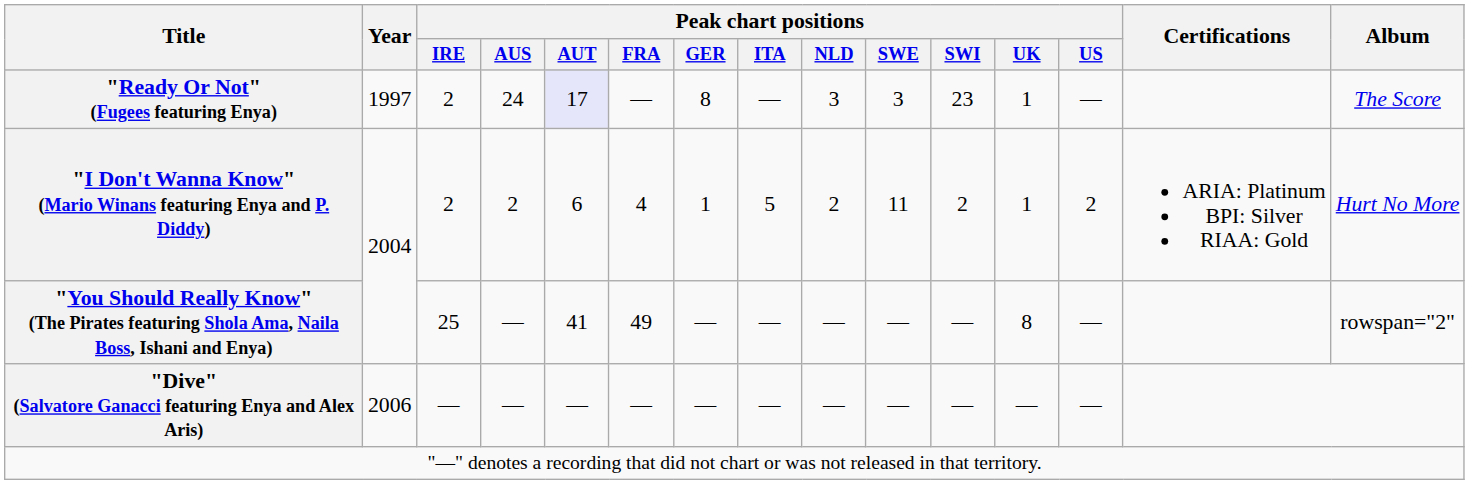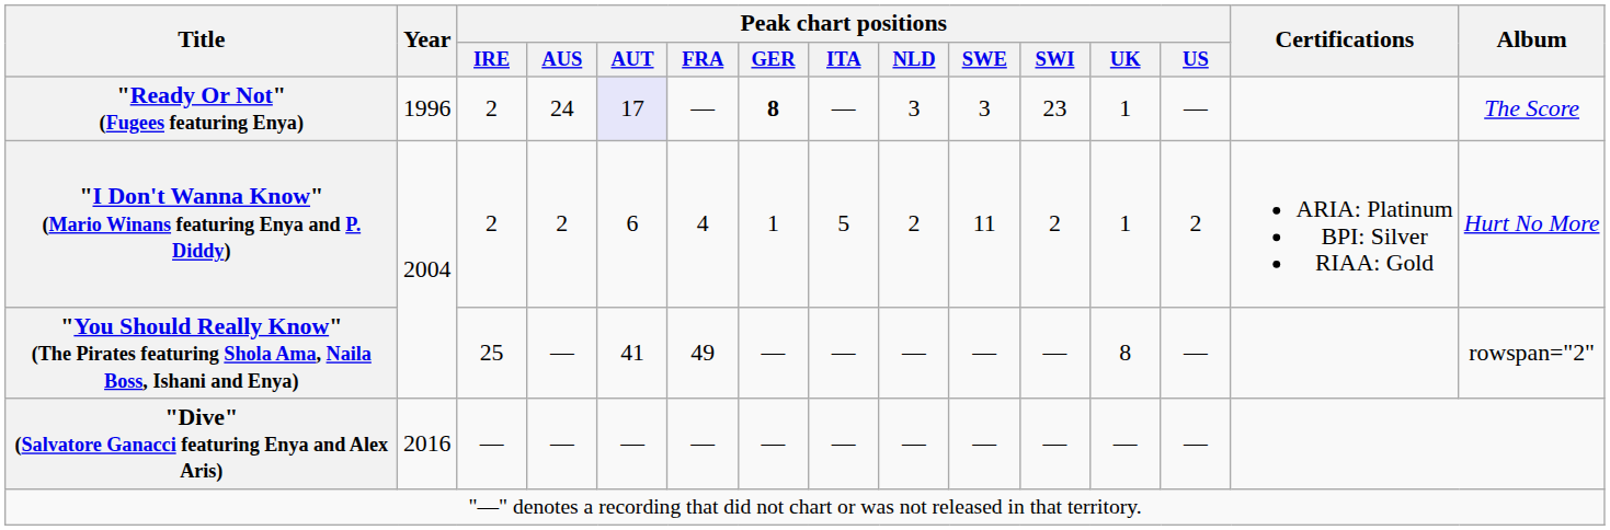 <table class="wikitable plainrowheaders" style="text-align:center;">
 <tr>
 <th scope="col" rowspan="2" style="width:16em;">Title</th>
 <th scope="col" rowspan="2">Year</th>
 <th scope="col" colspan="11">Peak chart positions</th>
 <th scope="col" rowspan="2">Certifications</th>
 <th scope="col" rowspan="2">Album</th>
 </tr>
 <tr>
 <th style="width:3em;font-size:85%"><a href='#'>IRE</a><br></th>
 <th style="width:3em;font-size:85%"><a href='#'>AUS</a><br></th>
 <th style="width:3em;font-size:85%"><a href='#'>AUT</a><br></th>
 <th style="width:3em;font-size:85%"><a href='#'>FRA</a><br></th>
 <th style="width:3em;font-size:85%"><a href='#'>GER</a><br></th>
 <th style="width:3em;font-size:85%;"><a href='#'>ITA</a><br></th>
 <th style="width:3em;font-size:85%"><a href='#'>NLD</a><br></th>
 <th style="width:3em;font-size:85%"><a href='#'>SWE</a><br></th>
 <th style="width:3em;font-size:85%"><a href='#'>SWI</a><br></th>
 <th style="width:3em;font-size:85%"><a href='#'>UK</a><br></th>
 <th style="width:3em;font-size:85%"><a href='#'>US</a><br></th>
 </tr>
 <tr>
 <th scope="row" align="left">"<a href='#'>Ready Or Not</a>"<br><small>(<a href='#'>Fugees</a> featuring Enya)</small></th>
-<td rowspan="1">1997</td>
+<td rowspan="1">1996</td>
 <td>2</td>
 <td>24</td>
 <td style="background: lavender;">17</td>
 <td>—</td>
-<td>8</td>
+<td><strong>8</strong></td>
 <td>—</td>
 <td>3</td>
 <td>3</td>
 <td>23</td>
 <td>1</td>
 <td>—</td>
 <td></td>
 <td><em><a href='#'>The Score</a></em></td>
 </tr>
 <tr>
 <th scope="row" align="left">"<a href='#'>I Don't Wanna Know</a>"<br><small>(<a href='#'>Mario Winans</a> featuring Enya and <a href='#'>P. Diddy</a>)</small></th>
 <td rowspan="2">2004</td>
 <td>2</td>
 <td>2</td>
 <td>6</td>
 <td>4</td>
 <td>1</td>
 <td>5</td>
 <td>2</td>
 <td>11</td>
 <td>2</td>
 <td>1</td>
 <td>2</td>
 <td><br><ul><li>ARIA: Platinum</li><li>BPI: Silver</li><li>RIAA: Gold</li></ul></td>
 <td><em><a href='#'>Hurt No More</a></em></td>
 </tr>
 <tr>
 <th scope="row" align="left">"<a href='#'>You Should Really Know</a>"<br><small>(The Pirates featuring <a href='#'>Shola Ama</a>, <a href='#'>Naila Boss</a>, Ishani and Enya)</small></th>
 <td>25</td>
 <td>—</td>
 <td>41</td>
 <td>49</td>
 <td>—</td>
 <td>—</td>
 <td>—</td>
 <td>—</td>
 <td>—</td>
 <td>8</td>
 <td>—</td>
 <td></td>
 <td>rowspan="2" </td>
 </tr>
 <tr>
 <th scope="row" align="left">"Dive"<br><small>(<a href='#'>Salvatore Ganacci</a> featuring Enya and Alex Aris)</small></th>
-<td>2006</td>
+<td>2016</td>
 <td>—</td>
 <td>—</td>
 <td>—</td>
 <td>—</td>
 <td>—</td>
 <td>—</td>
 <td>—</td>
 <td>—</td>
 <td>—</td>
 <td>—</td>
 <td>—</td>
 </tr>
 <tr>
 <td colspan="16" style="font-size:90%">"—" denotes a recording that did not chart or was not released in that territory.</td>
 </tr>
 </table>
